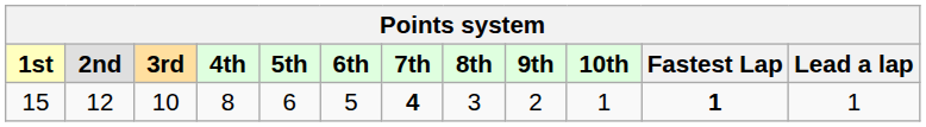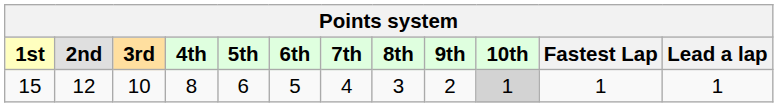 <table class="wikitable" style="font-size:95%; text-align:center">
 <tr>
 <th colspan="19">Points system</th>
 </tr>
 <tr>
 <td style="background:#ffffbf;"> <strong>1st</strong> </td>
 <td style="background:#dfdfdf;"> <strong>2nd</strong> </td>
 <td style="background:#ffdf9f;"> <strong>3rd</strong> </td>
 <td style="background:#dfffdf;"> <strong>4th</strong> </td>
 <td style="background:#dfffdf;"> <strong>5th</strong> </td>
 <td style="background:#dfffdf;"> <strong>6th</strong> </td>
 <td style="background:#dfffdf;"> <strong>7th</strong> </td>
 <td style="background:#dfffdf;"> <strong>8th</strong> </td>
 <td style="background:#dfffdf;"> <strong>9th</strong> </td>
 <td style="background:#dfffdf;"> <strong>10th</strong> </td>
 <th>Fastest Lap</th>
 <th>Lead a lap</th>
 </tr>
 <tr>
 <td>15</td>
 <td>12</td>
 <td>10</td>
 <td>8</td>
 <td>6</td>
 <td>5</td>
-<td><strong>4</strong></td>
+<td>4</td>
 <td>3</td>
 <td>2</td>
+<td style="background: lightgrey;">1</td>
 <td>1</td>
-<td><strong>1</strong></td>
 <td>1</td>
 </tr>
 </table>
